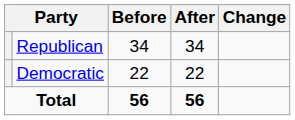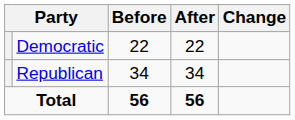 <table class="wikitable" style="text-align:center;">
 <tr>
 <th colspan="2">Party</th>
 <th>Before</th>
 <th>After</th>
 <th>Change</th>
 </tr>
 <tr>
 <th style="background-color:"></th>
-<td style="text-align:left;"><a href='#'>Republican</a></td>
-<td>34</td>
-<td>34</td>
+<td style="text-align:left;"><a href='#'>Democratic</a></td>
+<td>22</td>
+<td>22</td>
 <td></td>
 </tr>
 <tr>
 <th style="background-color:"></th>
-<td style="text-align:left;"><a href='#'>Democratic</a></td>
-<td>22</td>
-<td>22</td>
+<td style="text-align:left;"><a href='#'>Republican</a></td>
+<td>34</td>
+<td>34</td>
 <td></td>
 </tr>
 <tr>
 <td colspan="2"><strong>Total</strong></td>
 <td><strong>56</strong></td>
 <td><strong>56</strong></td>
 <td></td>
 </tr>
 </table>
